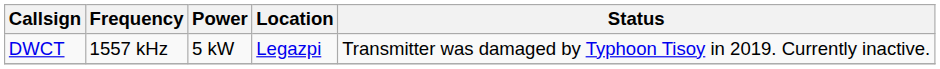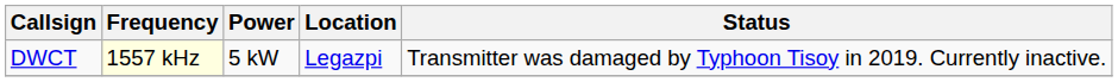 <table class="wikitable">
 <tr>
 <th>Callsign</th>
 <th>Frequency</th>
 <th>Power</th>
 <th>Location</th>
 <th>Status</th>
 </tr>
 <tr>
 <td><a href='#'>DWCT</a></td>
-<td>1557 kHz</td>
+<td style="background: lightyellow;">1557 kHz</td>
 <td>5 kW</td>
 <td><a href='#'>Legazpi</a></td>
 <td>Transmitter was damaged by <a href='#'>Typhoon Tisoy</a> in 2019. Currently inactive.</td>
 </tr>
 <tr>
 </tr>
 </table>
